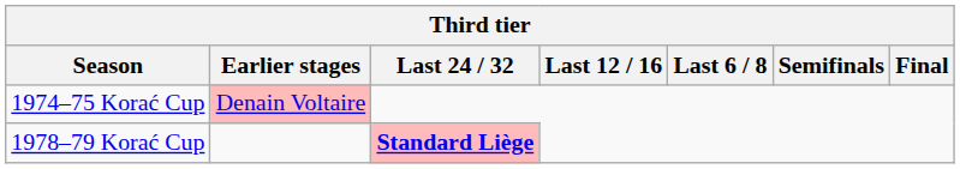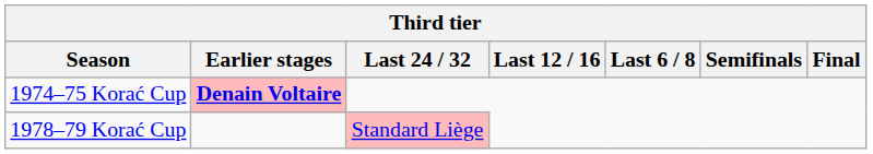 <table class="wikitable" style="font-size:90%">
 <tr>
 <th colspan=7>Third tier</th>
 </tr>
 <tr>
 <th>Season</th>
 <th>Earlier stages</th>
 <th>Last 24 / 32</th>
 <th>Last 12 / 16</th>
 <th>Last 6 / 8</th>
 <th>Semifinals</th>
 <th>Final</th>
 </tr>
 <tr>
 <td><a href='#'>1974–75 Korać Cup</a></td>
-<td bgcolor=#FFBBBB> <a href='#'>Denain Voltaire</a></td>
+<td bgcolor=#FFBBBB><strong> <a href='#'>Denain Voltaire</a></strong></td>
 </tr>
 <tr>
 <td><a href='#'>1978–79 Korać Cup</a></td>
 <td></td>
-<td bgcolor=#FFBBBB><strong> <a href='#'>Standard Liège</a></strong></td>
+<td bgcolor=#FFBBBB> <a href='#'>Standard Liège</a></td>
 </tr>
 </table>
